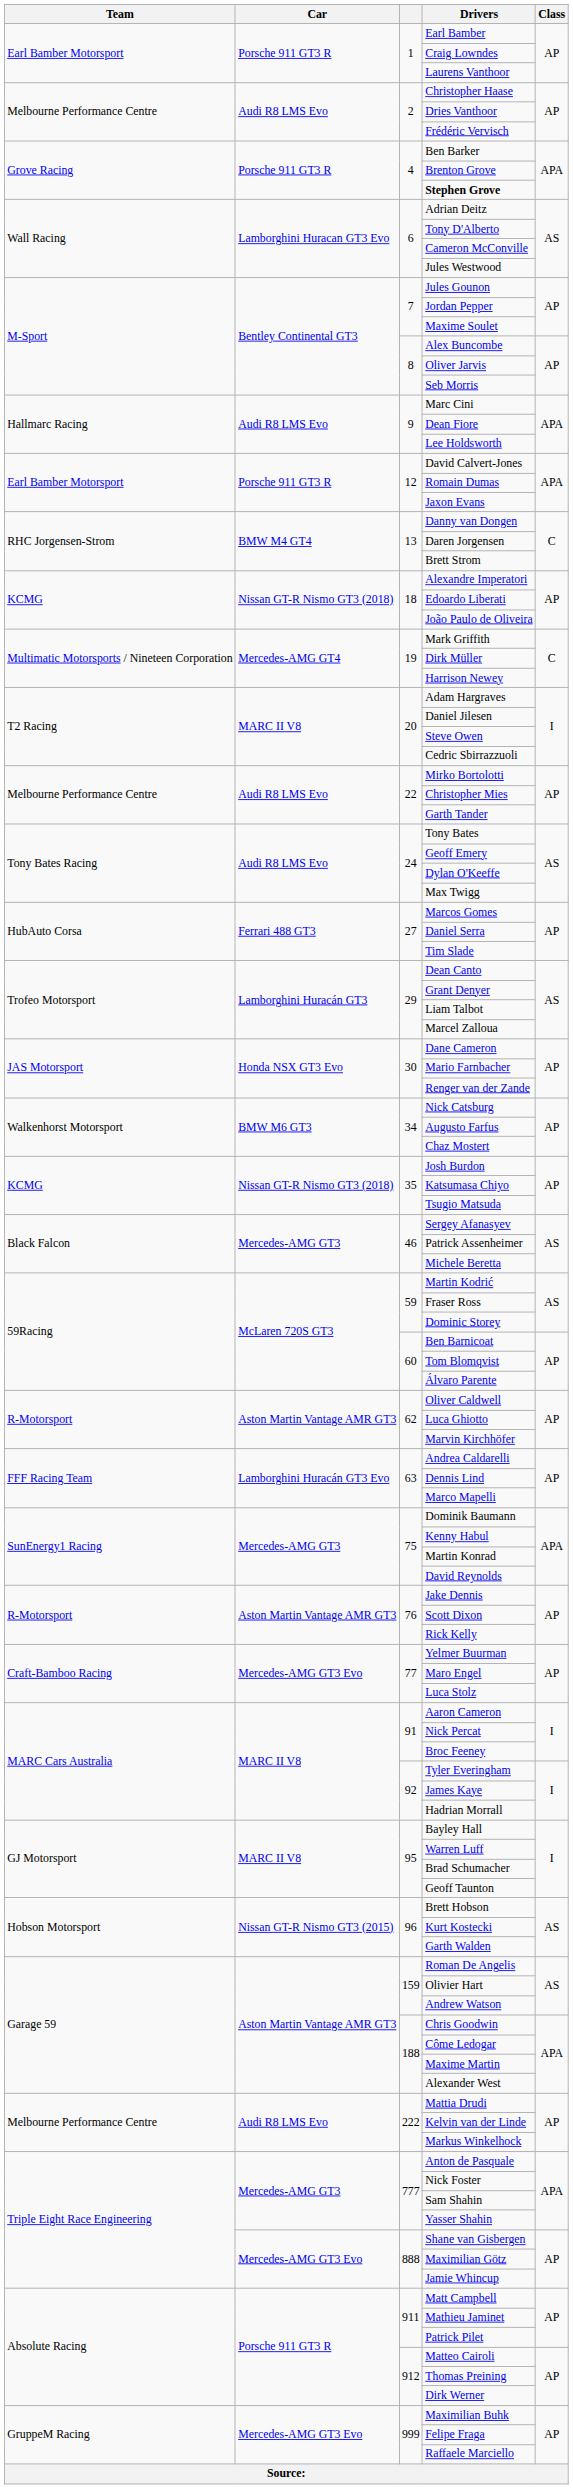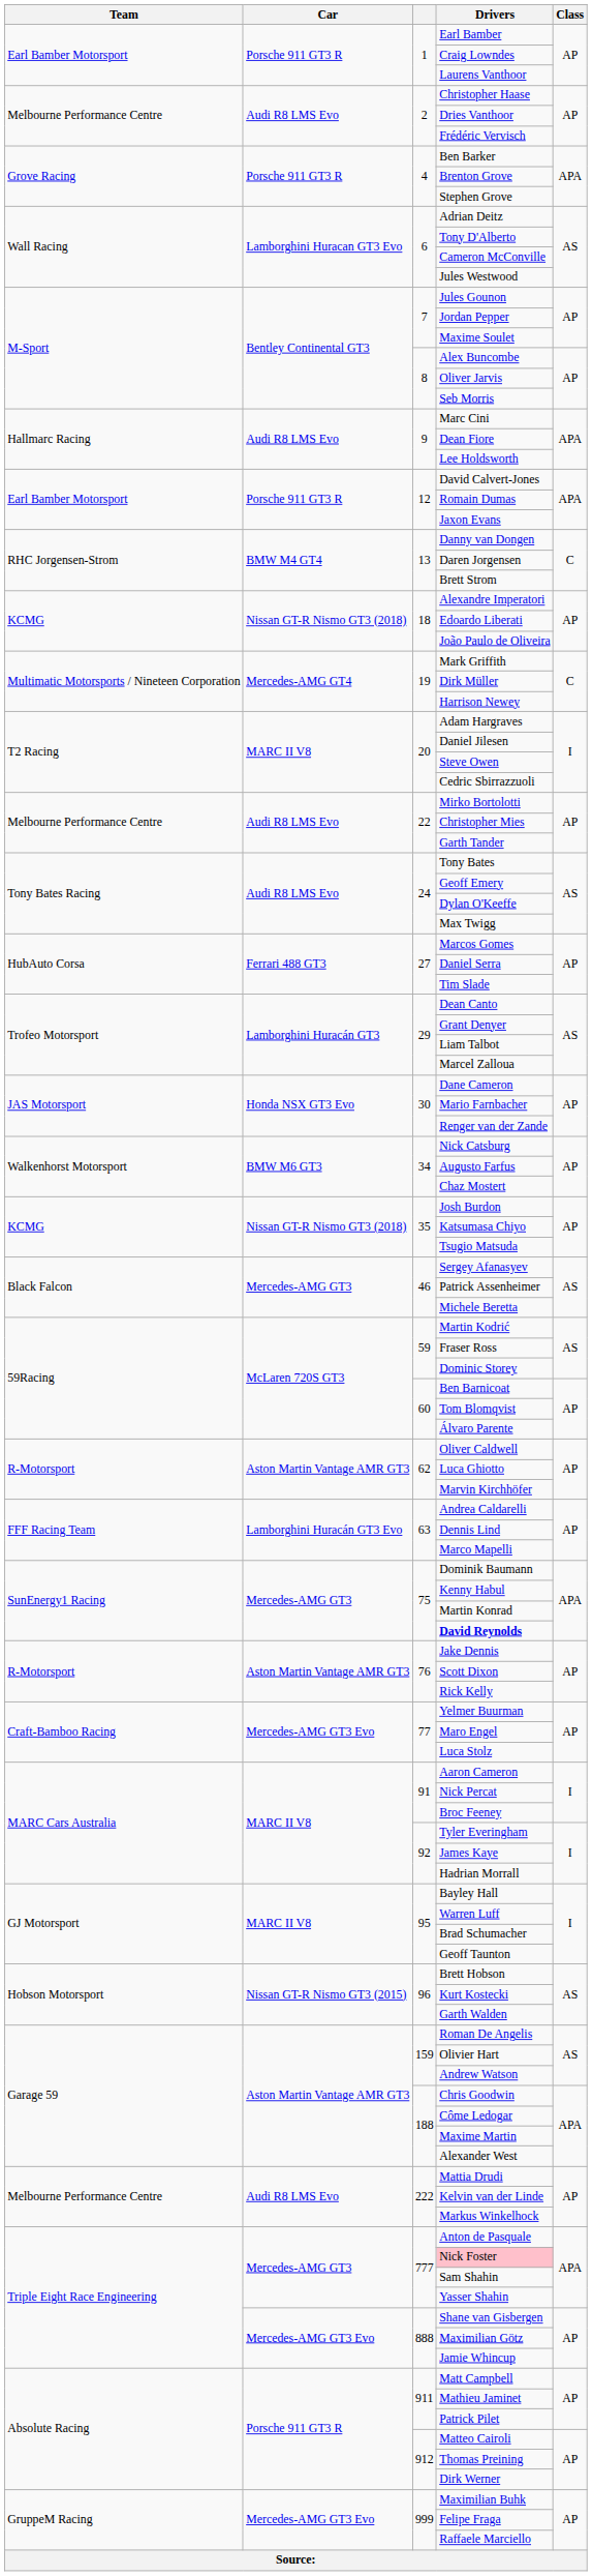 <table class="wikitable" style="font-size: 85%">
 <tr>
 <th>Team</th>
 <th>Car</th>
 <th></th>
 <th>Drivers</th>
 <th>Class</th>
 </tr>
 <tr>
 <td rowspan="3"> <a href='#'>Earl Bamber Motorsport</a></td>
 <td rowspan="3"><a href='#'>Porsche 911 GT3 R</a></td>
 <td rowspan="3" align="center">1</td>
 <td> <a href='#'>Earl Bamber</a></td>
 <td rowspan="3" align="center">AP</td>
 </tr>
 <tr>
 <td> <a href='#'>Craig Lowndes</a></td>
 </tr>
 <tr>
 <td> <a href='#'>Laurens Vanthoor</a></td>
 </tr>
 <tr>
 <td rowspan="3"> Melbourne Performance Centre</td>
 <td rowspan="3"><a href='#'>Audi R8 LMS Evo</a></td>
 <td rowspan="3" align="center">2</td>
 <td> <a href='#'>Christopher Haase</a></td>
 <td rowspan="3" align="center">AP</td>
 </tr>
 <tr>
 <td> <a href='#'>Dries Vanthoor</a></td>
 </tr>
 <tr>
 <td> <a href='#'>Frédéric Vervisch</a></td>
 </tr>
 <tr>
 <td rowspan="3"> <a href='#'>Grove Racing</a></td>
 <td rowspan="3"><a href='#'>Porsche 911 GT3 R</a></td>
 <td rowspan="3" align="center">4</td>
 <td> Ben Barker</td>
 <td rowspan="3" align="center">APA</td>
 </tr>
 <tr>
 <td> <a href='#'>Brenton Grove</a></td>
 </tr>
 <tr>
-<td><strong> Stephen Grove</strong></td>
+<td> Stephen Grove</td>
 </tr>
 <tr>
 <td rowspan="4"> Wall Racing</td>
 <td rowspan="4"><a href='#'>Lamborghini Huracan GT3 Evo</a></td>
 <td rowspan="4" align="center">6</td>
 <td> Adrian Deitz</td>
 <td rowspan="4" align="center">AS</td>
 </tr>
 <tr>
 <td> <a href='#'>Tony D'Alberto</a></td>
 </tr>
 <tr>
 <td> <a href='#'>Cameron McConville</a></td>
 </tr>
 <tr>
 <td> Jules Westwood</td>
 </tr>
 <tr>
 <td rowspan="6"> <a href='#'>M-Sport</a></td>
 <td rowspan="6"><a href='#'>Bentley Continental GT3</a></td>
 <td rowspan="3" align="center">7</td>
 <td> <a href='#'>Jules Gounon</a></td>
 <td rowspan="3" align="center">AP</td>
 </tr>
 <tr>
 <td> <a href='#'>Jordan Pepper</a></td>
 </tr>
 <tr>
 <td> <a href='#'>Maxime Soulet</a></td>
 </tr>
 <tr>
 <td rowspan="3" align="center">8</td>
 <td> <a href='#'>Alex Buncombe</a></td>
 <td rowspan="3" align="center">AP</td>
 </tr>
 <tr>
 <td> <a href='#'>Oliver Jarvis</a></td>
 </tr>
 <tr>
 <td> <a href='#'>Seb Morris</a></td>
 </tr>
 <tr>
 <td rowspan="3"> Hallmarc Racing</td>
 <td rowspan="3"><a href='#'>Audi R8 LMS Evo</a></td>
 <td rowspan="3" align="center">9</td>
 <td> Marc Cini</td>
 <td rowspan="3" align="center">APA</td>
 </tr>
 <tr>
 <td> <a href='#'>Dean Fiore</a></td>
 </tr>
 <tr>
 <td> <a href='#'>Lee Holdsworth</a></td>
 </tr>
 <tr>
 <td rowspan="3"> <a href='#'>Earl Bamber Motorsport</a></td>
 <td rowspan="3"><a href='#'>Porsche 911 GT3 R</a></td>
 <td rowspan="3" align="center">12</td>
 <td> David Calvert-Jones</td>
 <td rowspan="3" align="center">APA</td>
 </tr>
 <tr>
 <td> <a href='#'>Romain Dumas</a></td>
 </tr>
 <tr>
 <td> <a href='#'>Jaxon Evans</a></td>
 </tr>
 <tr>
 <td rowspan="3"> RHC Jorgensen-Strom</td>
 <td rowspan="3"><a href='#'>BMW M4 GT4</a></td>
 <td rowspan="3" align="center">13</td>
 <td> <a href='#'>Danny van Dongen</a></td>
 <td rowspan="3" align="center">C</td>
 </tr>
 <tr>
 <td> Daren Jorgensen</td>
 </tr>
 <tr>
 <td> Brett Strom</td>
 </tr>
 <tr>
 <td rowspan="3"> <a href='#'>KCMG</a></td>
 <td rowspan="3"><a href='#'>Nissan GT-R Nismo GT3 (2018)</a></td>
 <td rowspan="3" align="center">18</td>
 <td> <a href='#'>Alexandre Imperatori</a></td>
 <td rowspan="3" align="center">AP</td>
 </tr>
 <tr>
 <td> <a href='#'>Edoardo Liberati</a></td>
 </tr>
 <tr>
 <td> <a href='#'>João Paulo de Oliveira</a></td>
 </tr>
 <tr>
 <td rowspan="3"> <a href='#'>Multimatic Motorsports</a> /  Nineteen Corporation</td>
 <td rowspan="3"><a href='#'>Mercedes-AMG GT4</a></td>
 <td rowspan="3" align="center">19</td>
 <td> Mark Griffith</td>
 <td rowspan="3" align="center">C</td>
 </tr>
 <tr>
 <td> <a href='#'>Dirk Müller</a></td>
 </tr>
 <tr>
 <td> <a href='#'>Harrison Newey</a></td>
 </tr>
 <tr>
 <td rowspan="4"> T2 Racing</td>
 <td rowspan="4"><a href='#'>MARC II V8</a></td>
 <td rowspan="4" align="center">20</td>
 <td> Adam Hargraves</td>
 <td rowspan="4" align="center">I</td>
 </tr>
 <tr>
 <td> Daniel Jilesen</td>
 </tr>
 <tr>
 <td> <a href='#'>Steve Owen</a></td>
 </tr>
 <tr>
 <td> Cedric Sbirrazzuoli</td>
 </tr>
 <tr>
 <td rowspan="3"> Melbourne Performance Centre</td>
 <td rowspan="3"><a href='#'>Audi R8 LMS Evo</a></td>
 <td rowspan="3" align="center">22</td>
 <td> <a href='#'>Mirko Bortolotti</a></td>
 <td rowspan="3" align="center">AP</td>
 </tr>
 <tr>
 <td> <a href='#'>Christopher Mies</a></td>
 </tr>
 <tr>
 <td> <a href='#'>Garth Tander</a></td>
 </tr>
 <tr>
 <td rowspan="4"> Tony Bates Racing</td>
 <td rowspan="4"><a href='#'>Audi R8 LMS Evo</a></td>
 <td rowspan="4" align="center">24</td>
 <td> Tony Bates</td>
 <td rowspan="4" align="center">AS</td>
 </tr>
 <tr>
 <td> <a href='#'>Geoff Emery</a></td>
 </tr>
 <tr>
 <td> <a href='#'>Dylan O'Keeffe</a></td>
 </tr>
 <tr>
 <td> Max Twigg</td>
 </tr>
 <tr>
 <td rowspan="3"> HubAuto Corsa</td>
 <td rowspan="3"><a href='#'>Ferrari 488 GT3</a></td>
 <td rowspan="3" align="center">27</td>
 <td> <a href='#'>Marcos Gomes</a></td>
 <td rowspan="3" align="center">AP</td>
 </tr>
 <tr>
 <td> <a href='#'>Daniel Serra</a></td>
 </tr>
 <tr>
 <td> <a href='#'>Tim Slade</a></td>
 </tr>
 <tr>
 <td rowspan="4"> Trofeo Motorsport</td>
 <td rowspan="4"><a href='#'>Lamborghini Huracán GT3</a></td>
 <td rowspan="4" align="center">29</td>
 <td> <a href='#'>Dean Canto</a></td>
 <td rowspan="4" align="center">AS</td>
 </tr>
 <tr>
 <td> <a href='#'>Grant Denyer</a></td>
 </tr>
 <tr>
 <td> Liam Talbot</td>
 </tr>
 <tr>
 <td> Marcel Zalloua</td>
 </tr>
 <tr>
 <td rowspan="3"> <a href='#'>JAS Motorsport</a></td>
 <td rowspan="3"><a href='#'>Honda NSX GT3 Evo</a></td>
 <td rowspan="3" align="center">30</td>
 <td> <a href='#'>Dane Cameron</a></td>
 <td rowspan="3" align="center">AP</td>
 </tr>
 <tr>
 <td> <a href='#'>Mario Farnbacher</a></td>
 </tr>
 <tr>
 <td> <a href='#'>Renger van der Zande</a></td>
 </tr>
 <tr>
 <td rowspan="3"> Walkenhorst Motorsport</td>
 <td rowspan="3"><a href='#'>BMW M6 GT3</a></td>
 <td rowspan="3" align="center">34</td>
 <td> <a href='#'>Nick Catsburg</a></td>
 <td rowspan="3" align="center">AP</td>
 </tr>
 <tr>
 <td> <a href='#'>Augusto Farfus</a></td>
 </tr>
 <tr>
 <td> <a href='#'>Chaz Mostert</a></td>
 </tr>
 <tr>
 <td rowspan="3"> <a href='#'>KCMG</a></td>
 <td rowspan="3"><a href='#'>Nissan GT-R Nismo GT3 (2018)</a></td>
 <td rowspan="3" align="center">35</td>
 <td> <a href='#'>Josh Burdon</a></td>
 <td rowspan="3" align="center">AP</td>
 </tr>
 <tr>
 <td> <a href='#'>Katsumasa Chiyo</a></td>
 </tr>
 <tr>
 <td> <a href='#'>Tsugio Matsuda</a></td>
 </tr>
 <tr>
 <td rowspan="3"> Black Falcon</td>
 <td rowspan="3"><a href='#'>Mercedes-AMG GT3</a></td>
 <td rowspan="3" align="center">46</td>
 <td> <a href='#'>Sergey Afanasyev</a></td>
 <td rowspan="3" align="center">AS</td>
 </tr>
 <tr>
 <td> Patrick Assenheimer</td>
 </tr>
 <tr>
 <td> <a href='#'>Michele Beretta</a></td>
 </tr>
 <tr>
 <td rowspan="6"> 59Racing</td>
 <td rowspan="6"><a href='#'>McLaren 720S GT3</a></td>
 <td rowspan="3" align="center">59</td>
 <td> <a href='#'>Martin Kodrić</a></td>
 <td rowspan="3" align="center">AS</td>
 </tr>
 <tr>
 <td> Fraser Ross</td>
 </tr>
 <tr>
 <td> <a href='#'>Dominic Storey</a></td>
 </tr>
 <tr>
 <td rowspan="3" align="center">60</td>
 <td> <a href='#'>Ben Barnicoat</a></td>
 <td rowspan="3" align="center">AP</td>
 </tr>
 <tr>
 <td> <a href='#'>Tom Blomqvist</a></td>
 </tr>
 <tr>
 <td> <a href='#'>Álvaro Parente</a></td>
 </tr>
 <tr>
 <td rowspan="3"> <a href='#'>R-Motorsport</a></td>
 <td rowspan="3"><a href='#'>Aston Martin Vantage AMR GT3</a></td>
 <td rowspan="3" align="center">62</td>
 <td> <a href='#'>Oliver Caldwell</a></td>
 <td rowspan="3" align="center">AP</td>
 </tr>
 <tr>
 <td> <a href='#'>Luca Ghiotto</a></td>
 </tr>
 <tr>
 <td> <a href='#'>Marvin Kirchhöfer</a></td>
 </tr>
 <tr>
 <td rowspan="3"> <a href='#'>FFF Racing Team</a></td>
 <td rowspan="3"><a href='#'>Lamborghini Huracán GT3 Evo</a></td>
 <td rowspan="3" align="center">63</td>
 <td> <a href='#'>Andrea Caldarelli</a></td>
 <td rowspan="3" align="center">AP</td>
 </tr>
 <tr>
 <td> <a href='#'>Dennis Lind</a></td>
 </tr>
 <tr>
 <td> <a href='#'>Marco Mapelli</a></td>
 </tr>
 <tr>
 <td rowspan="4"> <a href='#'>SunEnergy1 Racing</a></td>
 <td rowspan="4"><a href='#'>Mercedes-AMG GT3</a></td>
 <td rowspan="4" align="center">75</td>
 <td> Dominik Baumann</td>
 <td rowspan="4" align="center">APA</td>
 </tr>
 <tr>
 <td> <a href='#'>Kenny Habul</a></td>
 </tr>
 <tr>
 <td> Martin Konrad</td>
 </tr>
 <tr>
-<td> <a href='#'>David Reynolds</a></td>
+<td><strong> <a href='#'>David Reynolds</a></strong></td>
 </tr>
 <tr>
 <td rowspan="3"> <a href='#'>R-Motorsport</a></td>
 <td rowspan="3"><a href='#'>Aston Martin Vantage AMR GT3</a></td>
 <td rowspan="3" align="center">76</td>
 <td> <a href='#'>Jake Dennis</a></td>
 <td rowspan="3" align="center">AP</td>
 </tr>
 <tr>
 <td> <a href='#'>Scott Dixon</a></td>
 </tr>
 <tr>
 <td> <a href='#'>Rick Kelly</a></td>
 </tr>
 <tr>
 <td rowspan="3"> <a href='#'>Craft-Bamboo Racing</a></td>
 <td rowspan="3"><a href='#'>Mercedes-AMG GT3 Evo</a></td>
 <td rowspan="3" align="center">77</td>
 <td> <a href='#'>Yelmer Buurman</a></td>
 <td rowspan="3" align="center">AP</td>
 </tr>
 <tr>
 <td> <a href='#'>Maro Engel</a></td>
 </tr>
 <tr>
 <td> <a href='#'>Luca Stolz</a></td>
 </tr>
 <tr>
 <td rowspan="6"> <a href='#'>MARC Cars Australia</a></td>
 <td rowspan="6"><a href='#'>MARC II V8</a></td>
 <td rowspan="3" align="center">91</td>
 <td> <a href='#'>Aaron Cameron</a></td>
 <td rowspan="3" align="center">I</td>
 </tr>
 <tr>
 <td> <a href='#'>Nick Percat</a></td>
 </tr>
 <tr>
 <td> <a href='#'>Broc Feeney</a></td>
 </tr>
 <tr>
 <td rowspan="3" align="center">92</td>
 <td> <a href='#'>Tyler Everingham</a></td>
 <td rowspan="3" align="center">I</td>
 </tr>
 <tr>
 <td> <a href='#'>James Kaye</a></td>
 </tr>
 <tr>
 <td> Hadrian Morrall</td>
 </tr>
 <tr>
 <td rowspan="4"> GJ Motorsport</td>
 <td rowspan="4"><a href='#'>MARC II V8</a></td>
 <td rowspan="4" align="center">95</td>
 <td> Bayley Hall</td>
 <td rowspan="4" align="center">I</td>
 </tr>
 <tr>
 <td> <a href='#'>Warren Luff</a></td>
 </tr>
 <tr>
 <td> Brad Schumacher</td>
 </tr>
 <tr>
 <td> Geoff Taunton</td>
 </tr>
 <tr>
 <td rowspan="3"> Hobson Motorsport</td>
 <td rowspan="3"><a href='#'>Nissan GT-R Nismo GT3 (2015)</a></td>
 <td rowspan="3" align="center">96</td>
 <td> Brett Hobson</td>
 <td rowspan="3" align="center">AS</td>
 </tr>
 <tr>
 <td> <a href='#'>Kurt Kostecki</a></td>
 </tr>
 <tr>
 <td> <a href='#'>Garth Walden</a></td>
 </tr>
 <tr>
 <td rowspan="7"> Garage 59</td>
 <td rowspan="7"><a href='#'>Aston Martin Vantage AMR GT3</a></td>
 <td rowspan="3" align="center">159</td>
 <td> <a href='#'>Roman De Angelis</a></td>
 <td rowspan="3" align="center">AS</td>
 </tr>
 <tr>
 <td> Olivier Hart</td>
 </tr>
 <tr>
 <td> <a href='#'>Andrew Watson</a></td>
 </tr>
 <tr>
 <td rowspan="4" align="center">188</td>
 <td> <a href='#'>Chris Goodwin</a></td>
 <td rowspan="4" align="center">APA</td>
 </tr>
 <tr>
 <td> <a href='#'>Côme Ledogar</a></td>
 </tr>
 <tr>
 <td> <a href='#'>Maxime Martin</a></td>
 </tr>
 <tr>
 <td> Alexander West</td>
 </tr>
 <tr>
 <td rowspan="3"> Melbourne Performance Centre</td>
 <td rowspan="3"><a href='#'>Audi R8 LMS Evo</a></td>
 <td rowspan="3" align="center">222</td>
 <td> <a href='#'>Mattia Drudi</a></td>
 <td rowspan="3" align="center">AP</td>
 </tr>
 <tr>
 <td> <a href='#'>Kelvin van der Linde</a></td>
 </tr>
 <tr>
 <td> <a href='#'>Markus Winkelhock</a></td>
 </tr>
 <tr>
 <td rowspan="7"> <a href='#'>Triple Eight Race Engineering</a></td>
 <td rowspan="4"><a href='#'>Mercedes-AMG GT3</a></td>
 <td rowspan="4" align="center">777</td>
 <td> <a href='#'>Anton de Pasquale</a></td>
 <td rowspan="4" align="center">APA</td>
 </tr>
 <tr>
-<td> Nick Foster</td>
+<td style="background: pink;"> Nick Foster</td>
 </tr>
 <tr>
 <td> Sam Shahin</td>
 </tr>
 <tr>
 <td> <a href='#'>Yasser Shahin</a></td>
 </tr>
 <tr>
 <td rowspan="3"><a href='#'>Mercedes-AMG GT3 Evo</a></td>
 <td rowspan="3" align="center">888</td>
 <td> <a href='#'>Shane van Gisbergen</a></td>
 <td rowspan="3" align="center">AP</td>
 </tr>
 <tr>
 <td> <a href='#'>Maximilian Götz</a></td>
 </tr>
 <tr>
 <td> <a href='#'>Jamie Whincup</a></td>
 </tr>
 <tr>
 <td rowspan="6"> Absolute Racing</td>
 <td rowspan="6"><a href='#'>Porsche 911 GT3 R</a></td>
 <td rowspan="3" align="center">911</td>
 <td> <a href='#'>Matt Campbell</a></td>
 <td rowspan="3" align="center">AP</td>
 </tr>
 <tr>
 <td> <a href='#'>Mathieu Jaminet</a></td>
 </tr>
 <tr>
 <td> <a href='#'>Patrick Pilet</a></td>
 </tr>
 <tr>
 <td rowspan="3" align="center">912</td>
 <td> <a href='#'>Matteo Cairoli</a></td>
 <td rowspan="3" align="center">AP</td>
 </tr>
 <tr>
 <td> <a href='#'>Thomas Preining</a></td>
 </tr>
 <tr>
 <td> <a href='#'>Dirk Werner</a></td>
 </tr>
 <tr>
 <td rowspan="3"> GruppeM Racing</td>
 <td rowspan="3"><a href='#'>Mercedes-AMG GT3 Evo</a></td>
 <td rowspan="3" align="center">999</td>
 <td> <a href='#'>Maximilian Buhk</a></td>
 <td rowspan="3" align="center">AP</td>
 </tr>
 <tr>
 <td> <a href='#'>Felipe Fraga</a></td>
 </tr>
 <tr>
 <td> <a href='#'>Raffaele Marciello</a></td>
 </tr>
 <tr>
 <th colspan="5">Source:</th>
 </tr>
 </table>
